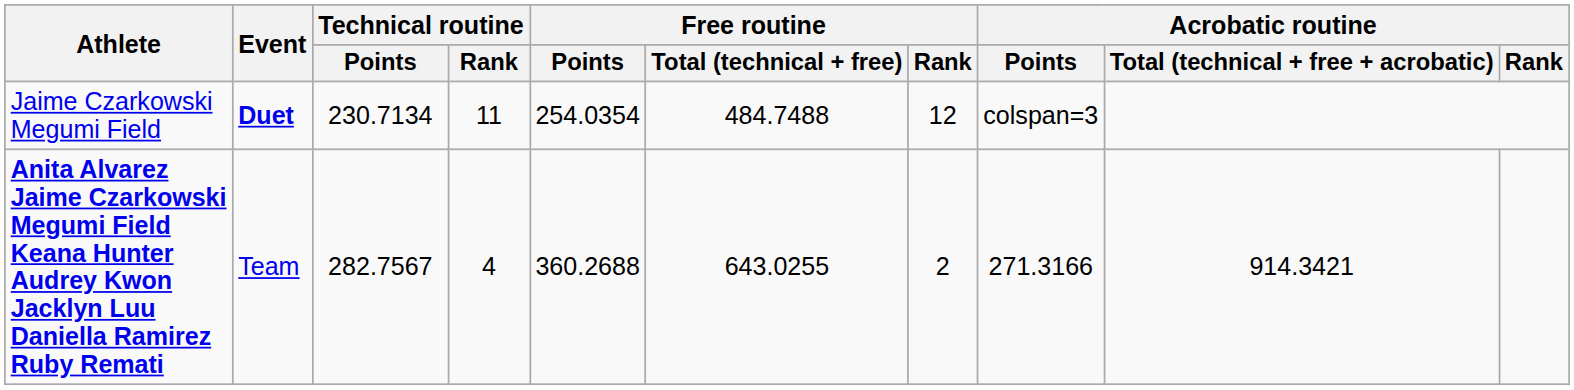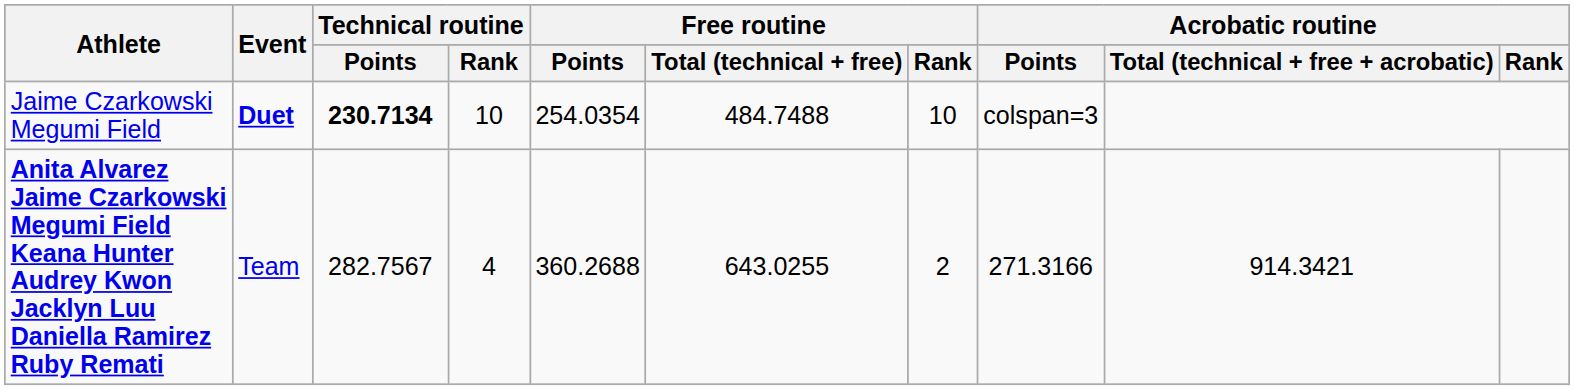 <table class=wikitable style=font-size:90%;text-align:center>
 <tr>
 <th rowspan=2>Athlete</th>
 <th rowspan=2>Event</th>
 <th colspan=2>Technical routine</th>
 <th colspan=3>Free routine</th>
 <th colspan=3>Acrobatic routine</th>
 </tr>
 <tr style="font-size:95%">
 <th>Points</th>
 <th>Rank</th>
 <th>Points</th>
 <th>Total (technical + free)</th>
 <th>Rank</th>
 <th>Points</th>
 <th>Total (technical + free + acrobatic)</th>
 <th>Rank</th>
 </tr>
 <tr>
 <td align=left><a href='#'>Jaime Czarkowski</a><br><a href='#'>Megumi Field</a></td>
 <td align=left><strong><a href='#'>Duet</a></strong></td>
-<td>230.7134</td>
-<td>11</td>
+<td><strong>230.7134</strong></td>
+<td>10</td>
 <td>254.0354</td>
 <td>484.7488</td>
-<td>12</td>
+<td>10</td>
 <td>colspan=3 </td>
 </tr>
 <tr>
 <td align=left><strong><a href='#'>Anita Alvarez</a><br><a href='#'>Jaime Czarkowski</a><br><a href='#'>Megumi Field</a><br><a href='#'>Keana Hunter</a><br><a href='#'>Audrey Kwon</a><br><a href='#'>Jacklyn Luu</a><br><a href='#'>Daniella Ramirez</a><br><a href='#'>Ruby Remati</a></strong></td>
 <td align=left><a href='#'>Team</a></td>
 <td>282.7567</td>
 <td>4</td>
 <td>360.2688</td>
 <td>643.0255</td>
 <td>2</td>
 <td>271.3166</td>
 <td>914.3421</td>
 <td></td>
 </tr>
 </table>
